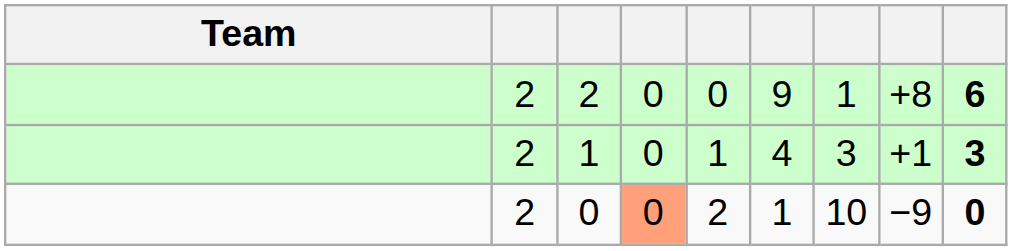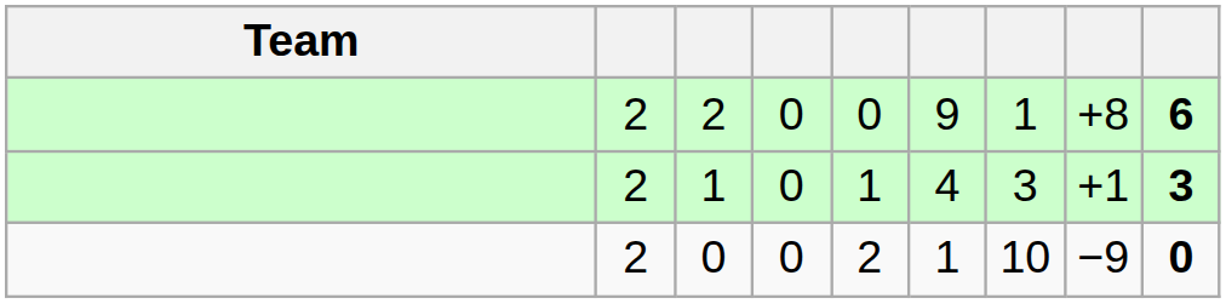 <table class=wikitable style="text-align:center">
 <tr>
 <th width=200>Team</th>
 <th width=20></th>
 <th width=20></th>
 <th width=20></th>
 <th width=20></th>
 <th width=20></th>
 <th width=20></th>
 <th width=20></th>
 <th width=20></th>
 </tr>
 <tr bgcolor=#ccffcc>
 <td align=left></td>
 <td>2</td>
 <td>2</td>
 <td>0</td>
 <td>0</td>
 <td>9</td>
 <td>1</td>
 <td>+8</td>
 <td><strong>6</strong></td>
 </tr>
 <tr bgcolor=#ccffcc>
 <td align=left></td>
 <td>2</td>
 <td>1</td>
 <td>0</td>
 <td>1</td>
 <td>4</td>
 <td>3</td>
 <td>+1</td>
 <td><strong>3</strong></td>
 </tr>
 <tr>
 <td align=left></td>
 <td>2</td>
 <td>0</td>
-<td style="background: lightsalmon;">0</td>
+<td>0</td>
 <td>2</td>
 <td>1</td>
 <td>10</td>
 <td>−9</td>
 <td><strong>0</strong></td>
 </tr>
 </table>
